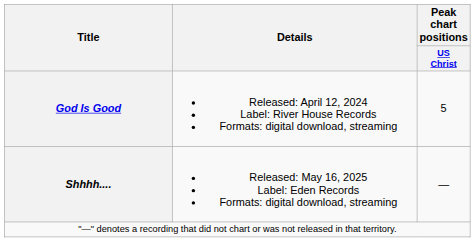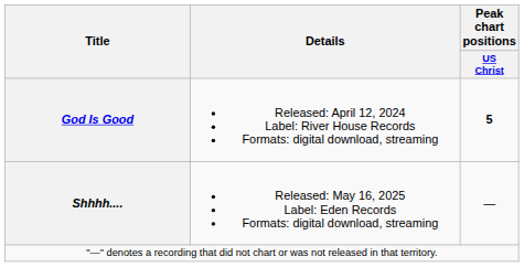 <table class="wikitable plainrowheaders" style="text-align:center;">
 <tr>
 <th rowspan="2" scope="col" style="width:15em;">Title</th>
 <th rowspan="2" scope="col" style="width:22em;">Details</th>
 <th scope="col">Peak chart positions</th>
 </tr>
 <tr style="font-size:smaller;">
 <th scope="col" width="45"><a href='#'>US<br>Christ</a><br></th>
 </tr>
 <tr>
 <th scope="row"><em><a href='#'>God Is Good</a></em><br></th>
 <td><br><ul><li>Released: April 12, 2024</li><li>Label: River House Records</li><li>Formats: digital download, streaming</li></ul></td>
-<td>5</td>
+<td><strong>5</strong></td>
 </tr>
 <tr>
 <th scope="row"><em>Shhhh....</em></th>
 <td><br><ul><li>Released: May 16, 2025</li><li>Label: Eden Records</li><li>Formats: digital download, streaming</li></ul></td>
 <td>—</td>
 </tr>
 <tr>
 <td colspan="12" style="font-size:85%">"—" denotes a recording that did not chart or was not released in that territory.</td>
 </tr>
 </table>
